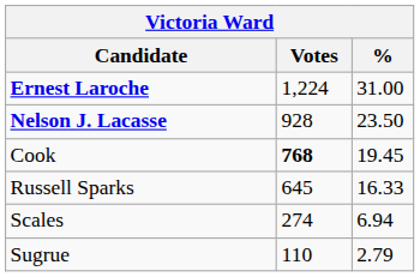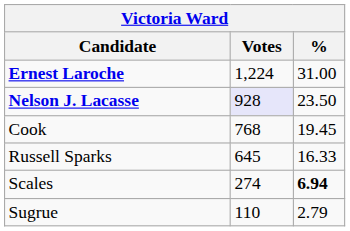 <table class="wikitable">
 <tr>
 <th colspan="3"><a href='#'>Victoria Ward</a></th>
 </tr>
 <tr>
 <th style="width: 200px">Candidate</th>
 <th style="width: 50px">Votes</th>
 <th style="width: 40px">%</th>
 </tr>
 <tr>
 <td><strong><a href='#'>Ernest Laroche</a></strong></td>
 <td>1,224</td>
 <td>31.00</td>
 </tr>
 <tr>
 <td><strong><a href='#'>Nelson J. Lacasse</a></strong></td>
-<td>928</td>
+<td style="background: lavender;">928</td>
 <td>23.50</td>
 </tr>
 <tr>
 <td>Cook</td>
-<td><strong>768</strong></td>
+<td>768</td>
 <td>19.45</td>
 </tr>
 <tr>
 <td>Russell Sparks</td>
 <td>645</td>
 <td>16.33</td>
 </tr>
 <tr>
 <td>Scales</td>
 <td>274</td>
-<td>6.94</td>
+<td><strong>6.94</strong></td>
 </tr>
 <tr>
 <td>Sugrue</td>
 <td>110</td>
 <td>2.79</td>
 </tr>
 </table>
